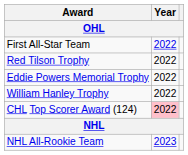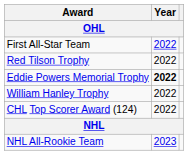 <table class="wikitable">
 <tr>
 <th>Award</th>
 <th>Year</th>
 <th></th>
 </tr>
 <tr ALIGN="center" bgcolor="#e0e0e0">
 <th colspan="3"><a href='#'>OHL</a></th>
 </tr>
 <tr>
 <td>First All-Star Team</td>
 <td><a href='#'>2022</a></td>
 <td></td>
 </tr>
 <tr>
 <td><a href='#'>Red Tilson Trophy</a></td>
 <td>2022</td>
 <td></td>
 </tr>
 <tr>
 <td><a href='#'>Eddie Powers Memorial Trophy</a></td>
-<td>2022</td>
+<td><strong>2022</strong></td>
 <td></td>
 </tr>
 <tr>
 <td><a href='#'>William Hanley Trophy</a></td>
 <td>2022</td>
 <td></td>
 </tr>
 <tr>
 <td><a href='#'>CHL</a> <a href='#'>Top Scorer Award</a> (124)</td>
-<td style="background: pink;">2022</td>
+<td>2022</td>
 <td></td>
 </tr>
 <tr>
 <th colspan="3"><a href='#'>NHL</a></th>
 </tr>
 <tr>
 <td><a href='#'>NHL All-Rookie Team</a></td>
 <td><a href='#'>2023</a></td>
 <td></td>
 </tr>
 </table>
